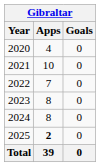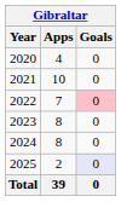 <table class="wikitable" style="text-align:center">
 <tr>
 <th colspan=4><a href='#'>Gibraltar</a></th>
 </tr>
 <tr>
 <th>Year</th>
 <th>Apps</th>
 <th>Goals</th>
 </tr>
 <tr>
 <td>2020</td>
 <td>4</td>
 <td>0</td>
 </tr>
 <tr>
 <td>2021</td>
 <td>10</td>
 <td>0</td>
 </tr>
 <tr>
 <td>2022</td>
 <td>7</td>
-<td>0</td>
+<td style="background: pink;">0</td>
 </tr>
 <tr>
 <td>2023</td>
 <td>8</td>
 <td>0</td>
 </tr>
 <tr>
 <td>2024</td>
 <td>8</td>
 <td>0</td>
 </tr>
 <tr>
 <td>2025</td>
-<td><strong>2</strong></td>
-<td>0</td>
+<td>2</td>
+<td style="background: lavender;">0</td>
 </tr>
 <tr>
 <th>Total</th>
 <th>39</th>
 <th>0</th>
 </tr>
 </table>
